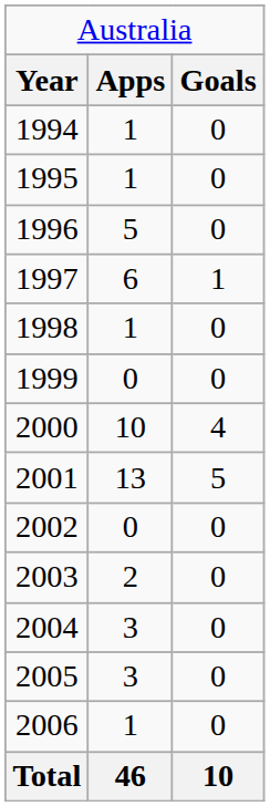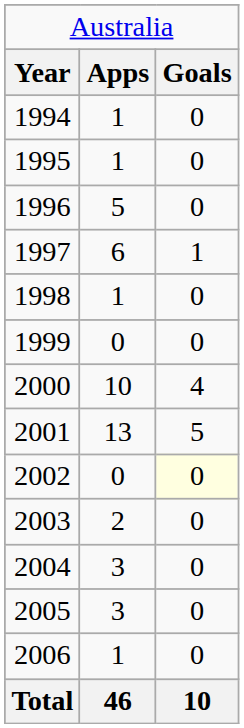 <table class="wikitable" style="text-align:center">
 <tr>
 <td colspan="3"><a href='#'>Australia</a></td>
 </tr>
 <tr>
 <th>Year</th>
 <th>Apps</th>
 <th>Goals</th>
 </tr>
 <tr>
 <td>1994</td>
 <td>1</td>
 <td>0</td>
 </tr>
 <tr>
 <td>1995</td>
 <td>1</td>
 <td>0</td>
 </tr>
 <tr>
 <td>1996</td>
 <td>5</td>
 <td>0</td>
 </tr>
 <tr>
 <td>1997</td>
 <td>6</td>
 <td>1</td>
 </tr>
 <tr>
 <td>1998</td>
 <td>1</td>
 <td>0</td>
 </tr>
 <tr>
 <td>1999</td>
 <td>0</td>
 <td>0</td>
 </tr>
 <tr>
 <td>2000</td>
 <td>10</td>
 <td>4</td>
 </tr>
 <tr>
 <td>2001</td>
 <td>13</td>
 <td>5</td>
 </tr>
 <tr>
 <td>2002</td>
 <td>0</td>
-<td>0</td>
+<td style="background: lightyellow;">0</td>
 </tr>
 <tr>
 <td>2003</td>
 <td>2</td>
 <td>0</td>
 </tr>
 <tr>
 <td>2004</td>
 <td>3</td>
 <td>0</td>
 </tr>
 <tr>
 <td>2005</td>
 <td>3</td>
 <td>0</td>
 </tr>
 <tr>
 <td>2006</td>
 <td>1</td>
 <td>0</td>
 </tr>
 <tr>
 <th>Total</th>
 <th>46</th>
 <th>10</th>
 </tr>
 </table>
